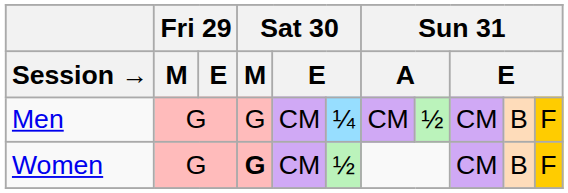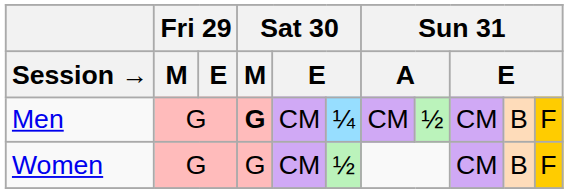 <table class="wikitable" style="margin:0.5em auto; font-size:90%; line-height:1.25em; text-align:center;">
 <tr style="text-align:center;">
 <th></th>
 <th colspan=2>Fri 29</th>
 <th colspan=3>Sat 30</th>
 <th colspan=5>Sun 31</th>
 </tr>
 <tr>
 <th>Session →</th>
 <th>M</th>
 <th>E</th>
 <th>M</th>
 <th colspan=2>E</th>
 <th colspan=2>A</th>
 <th colspan=3>E</th>
 </tr>
 <tr>
 <td style="text-align:left;"><a href='#'>Men</a></td>
 <td colspan="2" style="background:#FFBBBB;">G</td>
-<td style="background:#FFBBBB;">G</td>
+<td style="background:#FFBBBB;"><strong>G</strong></td>
 <td style="background:#D0A9F5;">CM</td>
 <td style="background:#97DEFF;">¼</td>
 <td style="background:#D0A9F5;">CM</td>
 <td style="background:#BBF3BB;">½</td>
 <td style="background:#D0A9F5;">CM</td>
 <td style="background:#FEDCBA;">B</td>
 <td style="background:#FFCC00;">F</td>
 </tr>
 <tr>
 <td style="text-align:left;"><a href='#'>Women</a></td>
 <td colspan="2" style="background:#FFBBBB;">G</td>
-<td style="background:#FFBBBB;"><strong>G</strong></td>
+<td style="background:#FFBBBB;">G</td>
 <td style="background:#D0A9F5;">CM</td>
 <td style="background:#BBF3BB;">½</td>
 <td colspan=2></td>
 <td style="background:#D0A9F5;">CM</td>
 <td style="background:#FEDCBA;">B</td>
 <td style="background:#FFCC00;">F</td>
 </tr>
 </table>
